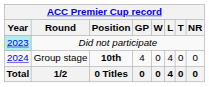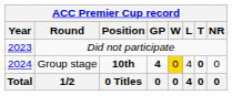 <table class="wikitable" style="text-align: center; width=900px;">
 <tr>
 <th colspan="8"><a href='#'>ACC Premier Cup record</a></th>
 </tr>
 <tr>
 <th>Year</th>
 <th>Round</th>
 <th>Position</th>
 <th>GP</th>
 <th>W</th>
 <th>L</th>
 <th>T</th>
 <th>NR</th>
 </tr>
 <tr>
-<td style="background: paleturquoise;"> <a href='#'>2023</a></td>
+<td> <a href='#'>2023</a></td>
 <td colspan="7"><em>Did not participate</em></td>
 </tr>
 <tr>
 <td> <a href='#'>2024</a></td>
 <td>Group stage</td>
 <td><strong>10th</strong></td>
+<td><strong>4</strong></td>
+<td style="background: gold;">0</td>
 <td>4</td>
-<td>0</td>
-<td>4</td>
-<td>0</td>
+<td><strong>0</strong></td>
 <td>0</td>
 </tr>
 <tr>
 <th>Total</th>
 <th>1/2</th>
 <th>0 Titles</th>
 <th>0</th>
 <th>0</th>
 <th>4</th>
 <th>0</th>
 <th>0</th>
 </tr>
 </table>
